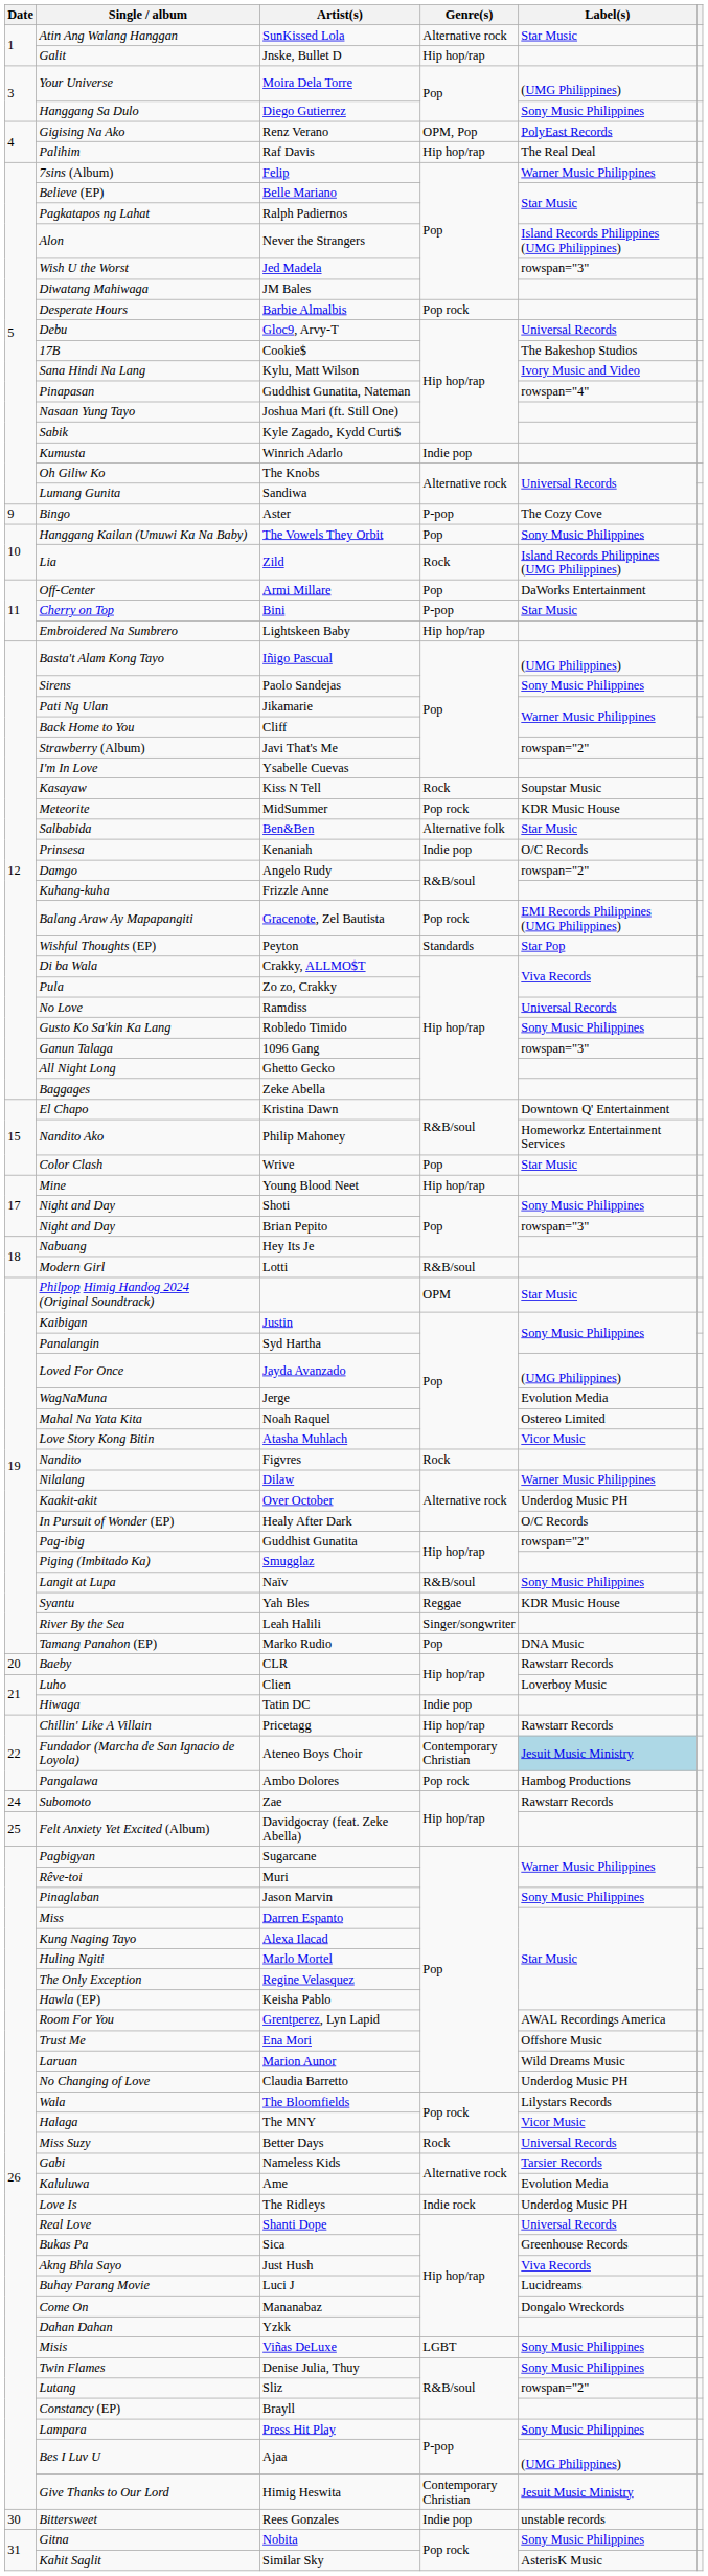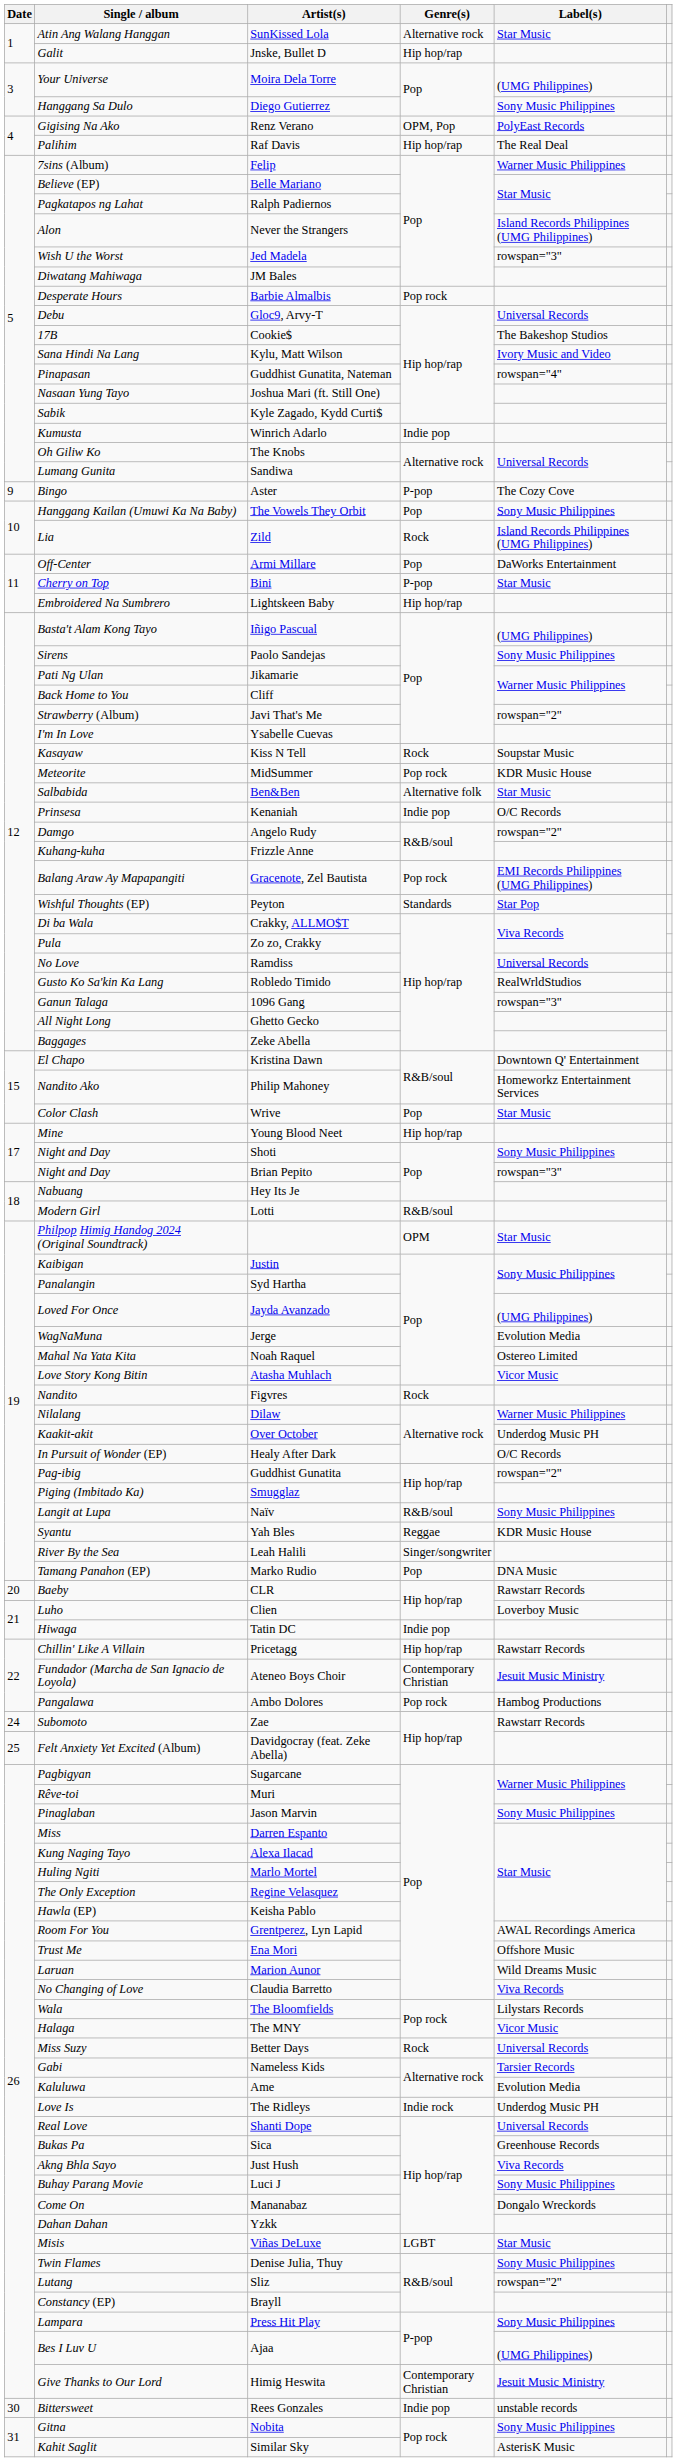 <table class="wikitable">
 <tr>
 <th>Date</th>
 <th>Single / album</th>
 <th>Artist(s)</th>
 <th>Genre(s)</th>
 <th>Label(s)</th>
 <th></th>
 </tr>
 <tr>
 <td rowspan="2">1</td>
 <td><em>Atin Ang Walang Hanggan</em></td>
 <td><a href='#'>SunKissed Lola</a></td>
 <td>Alternative rock</td>
 <td><a href='#'>Star Music</a></td>
 <td></td>
 </tr>
 <tr>
 <td><em>Galit</em></td>
 <td>Jnske, Bullet D</td>
 <td>Hip hop/rap</td>
 <td></td>
 <td></td>
 </tr>
 <tr>
 <td rowspan="2">3</td>
 <td><em>Your Universe</em></td>
 <td><a href='#'>Moira Dela Torre</a></td>
 <td rowspan="2">Pop</td>
 <td><br>(<a href='#'>UMG Philippines</a>)</td>
 <td></td>
 </tr>
 <tr>
 <td><em>Hanggang Sa Dulo</em></td>
 <td><a href='#'>Diego Gutierrez</a></td>
 <td><a href='#'>Sony Music Philippines</a></td>
 <td></td>
 </tr>
 <tr>
 <td rowspan="2">4</td>
 <td><em>Gigising Na Ako</em></td>
 <td>Renz Verano</td>
 <td>OPM, Pop</td>
 <td><a href='#'>PolyEast Records</a></td>
 <td></td>
 </tr>
 <tr>
 <td><em>Palihim</em></td>
 <td>Raf Davis</td>
 <td>Hip hop/rap</td>
 <td>The Real Deal</td>
 <td></td>
 </tr>
 <tr>
 <td rowspan="16">5</td>
 <td><em>7sins</em> (Album)</td>
 <td><a href='#'>Felip</a></td>
 <td rowspan="6">Pop</td>
 <td><a href='#'>Warner Music Philippines</a></td>
 <td></td>
 </tr>
 <tr>
 <td><em>Believe</em> (EP)</td>
 <td><a href='#'>Belle Mariano</a></td>
 <td rowspan="2"><a href='#'>Star Music</a></td>
 <td></td>
 </tr>
 <tr>
 <td><em>Pagkatapos ng Lahat</em></td>
 <td>Ralph Padiernos</td>
 <td></td>
 </tr>
 <tr>
 <td><em>Alon</em></td>
 <td>Never the Strangers</td>
 <td><a href='#'>Island Records Philippines</a><br>(<a href='#'>UMG Philippines</a>)</td>
 <td></td>
 </tr>
 <tr>
 <td><em>Wish U the Worst</em></td>
 <td><a href='#'>Jed Madela</a></td>
 <td>rowspan="3" </td>
 <td></td>
 </tr>
 <tr>
 <td><em>Diwatang Mahiwaga</em></td>
 <td>JM Bales</td>
 <td></td>
 </tr>
 <tr>
 <td><em>Desperate Hours</em></td>
 <td><a href='#'>Barbie Almalbis</a></td>
 <td>Pop rock</td>
 <td></td>
 </tr>
 <tr>
 <td><em>Debu</em></td>
 <td><a href='#'>Gloc9</a>, Arvy-T</td>
 <td rowspan="6">Hip hop/rap</td>
 <td><a href='#'>Universal Records</a></td>
 <td></td>
 </tr>
 <tr>
 <td><em>17B</em></td>
 <td>Cookie$</td>
 <td>The Bakeshop Studios</td>
 <td></td>
 </tr>
 <tr>
 <td><em>Sana Hindi Na Lang</em></td>
 <td>Kylu, Matt Wilson</td>
 <td><a href='#'>Ivory Music and Video</a></td>
 <td></td>
 </tr>
 <tr>
 <td><em>Pinapasan</em></td>
 <td>Guddhist Gunatita, Nateman</td>
 <td>rowspan="4" </td>
 <td></td>
 </tr>
 <tr>
 <td><em>Nasaan Yung Tayo</em></td>
 <td>Joshua Mari (ft. Still One)</td>
 <td></td>
 </tr>
 <tr>
 <td><em>Sabik</em></td>
 <td>Kyle Zagado, Kydd Curti$</td>
 <td></td>
 </tr>
 <tr>
 <td><em>Kumusta</em></td>
 <td>Winrich Adarlo</td>
 <td>Indie pop</td>
 <td></td>
 </tr>
 <tr>
 <td><em>Oh Giliw Ko</em></td>
 <td>The Knobs</td>
 <td rowspan="2">Alternative rock</td>
 <td rowspan="2"><a href='#'>Universal Records</a></td>
 <td></td>
 </tr>
 <tr>
 <td><em>Lumang Gunita</em></td>
 <td>Sandiwa</td>
 <td></td>
 </tr>
 <tr>
 <td>9</td>
 <td><em>Bingo</em></td>
 <td>Aster</td>
 <td>P-pop</td>
 <td>The Cozy Cove</td>
 <td></td>
 </tr>
 <tr>
 <td rowspan="2">10</td>
 <td><em>Hanggang Kailan (Umuwi Ka Na Baby)</em></td>
 <td><a href='#'>The Vowels They Orbit</a></td>
 <td>Pop</td>
 <td><a href='#'>Sony Music Philippines</a></td>
 <td></td>
 </tr>
 <tr>
 <td><em>Lia</em></td>
 <td><a href='#'>Zild</a></td>
 <td>Rock</td>
 <td><a href='#'>Island Records Philippines</a><br>(<a href='#'>UMG Philippines</a>)</td>
 <td></td>
 </tr>
 <tr>
 <td rowspan="3">11</td>
 <td><em>Off-Center</em></td>
 <td><a href='#'>Armi Millare</a></td>
 <td>Pop</td>
 <td>DaWorks Entertainment</td>
 <td></td>
 </tr>
 <tr>
 <td><em><a href='#'>Cherry on Top</a></em></td>
 <td><a href='#'>Bini</a></td>
 <td>P-pop</td>
 <td><a href='#'>Star Music</a></td>
 <td></td>
 </tr>
 <tr>
 <td><em>Embroidered Na Sumbrero</em></td>
 <td>Lightskeen Baby</td>
 <td>Hip hop/rap</td>
 <td></td>
 <td></td>
 </tr>
 <tr>
 <td rowspan="21">12</td>
 <td><em>Basta't Alam Kong Tayo</em></td>
 <td><a href='#'>Iñigo Pascual</a></td>
 <td rowspan="6">Pop</td>
 <td><br>(<a href='#'>UMG Philippines</a>)</td>
 <td></td>
 </tr>
 <tr>
 <td><em>Sirens</em></td>
 <td>Paolo Sandejas</td>
 <td><a href='#'>Sony Music Philippines</a></td>
 <td></td>
 </tr>
 <tr>
 <td><em>Pati Ng Ulan</em></td>
 <td>Jikamarie</td>
 <td rowspan="2"><a href='#'>Warner Music Philippines</a></td>
 <td></td>
 </tr>
 <tr>
 <td><em>Back Home to You</em></td>
 <td>Cliff</td>
 <td></td>
 </tr>
 <tr>
 <td><em>Strawberry</em> (Album)</td>
 <td>Javi That's Me</td>
 <td>rowspan="2" </td>
 <td></td>
 </tr>
 <tr>
 <td><em>I'm In Love</em></td>
 <td>Ysabelle Cuevas</td>
 <td></td>
 </tr>
 <tr>
 <td><em>Kasayaw</em></td>
 <td>Kiss N Tell</td>
 <td>Rock</td>
 <td>Soupstar Music</td>
 <td></td>
 </tr>
 <tr>
 <td><em>Meteorite</em></td>
 <td>MidSummer</td>
 <td>Pop rock</td>
 <td>KDR Music House</td>
 <td></td>
 </tr>
 <tr>
 <td><em>Salbabida</em></td>
 <td><a href='#'>Ben&Ben</a></td>
 <td>Alternative folk</td>
 <td><a href='#'>Star Music</a></td>
 <td></td>
 </tr>
 <tr>
 <td><em>Prinsesa</em></td>
 <td>Kenaniah</td>
 <td>Indie pop</td>
 <td>O/C Records</td>
 <td></td>
 </tr>
 <tr>
 <td><em>Damgo</em></td>
 <td>Angelo Rudy</td>
 <td rowspan="2">R&B/soul</td>
 <td>rowspan="2" </td>
 <td></td>
 </tr>
 <tr>
 <td><em>Kuhang-kuha</em></td>
 <td>Frizzle Anne</td>
 <td></td>
 </tr>
 <tr>
 <td><em>Balang Araw Ay Mapapangiti</em></td>
 <td><a href='#'>Gracenote</a>, Zel Bautista</td>
 <td>Pop rock</td>
 <td><a href='#'>EMI Records Philippines</a><br>(<a href='#'>UMG Philippines</a>)</td>
 <td></td>
 </tr>
 <tr>
 <td><em>Wishful Thoughts</em> (EP)</td>
 <td>Peyton</td>
 <td>Standards</td>
 <td><a href='#'>Star Pop</a></td>
 <td></td>
 </tr>
 <tr>
 <td><em>Di ba Wala</em></td>
 <td>Crakky, <a href='#'>ALLMO$T</a></td>
 <td rowspan="7">Hip hop/rap</td>
 <td rowspan="2"><a href='#'>Viva Records</a></td>
 <td></td>
 </tr>
 <tr>
 <td><em>Pula</em></td>
 <td>Zo zo, Crakky</td>
 <td></td>
 </tr>
 <tr>
 <td><em>No Love</em></td>
 <td>Ramdiss</td>
 <td><a href='#'>Universal Records</a></td>
 <td></td>
 </tr>
 <tr>
 <td><em>Gusto Ko Sa'kin Ka Lang</em></td>
 <td>Robledo Timido</td>
-<td><a href='#'>Sony Music Philippines</a></td>
+<td>RealWrldStudios</td>
 <td></td>
 </tr>
 <tr>
 <td><em>Ganun Talaga</em></td>
 <td>1096 Gang</td>
 <td>rowspan="3" </td>
 <td></td>
 </tr>
 <tr>
 <td><em>All Night Long</em></td>
 <td>Ghetto Gecko</td>
 <td></td>
 </tr>
 <tr>
 <td><em>Baggages</em></td>
 <td>Zeke Abella</td>
 <td></td>
 </tr>
 <tr>
 <td rowspan="3">15</td>
 <td><em>El Chapo</em></td>
 <td>Kristina Dawn</td>
 <td rowspan="2">R&B/soul</td>
 <td>Downtown Q' Entertainment</td>
 <td></td>
 </tr>
 <tr>
 <td><em>Nandito Ako</em></td>
 <td>Philip Mahoney</td>
 <td>Homeworkz Entertainment Services</td>
 <td></td>
 </tr>
 <tr>
 <td><em>Color Clash</em></td>
 <td>Wrive</td>
 <td>Pop</td>
 <td><a href='#'>Star Music</a></td>
 <td></td>
 </tr>
 <tr>
 <td rowspan="3">17</td>
 <td><em>Mine</em></td>
 <td>Young Blood Neet</td>
 <td>Hip hop/rap</td>
 <td></td>
 <td></td>
 </tr>
 <tr>
 <td><em>Night and Day</em></td>
 <td>Shoti</td>
 <td rowspan="3">Pop</td>
 <td><a href='#'>Sony Music Philippines</a></td>
 <td></td>
 </tr>
 <tr>
 <td><em>Night and Day</em></td>
 <td>Brian Pepito</td>
 <td>rowspan="3" </td>
 <td></td>
 </tr>
 <tr>
 <td rowspan="2">18</td>
 <td><em>Nabuang</em></td>
 <td>Hey Its Je</td>
 <td></td>
 </tr>
 <tr>
 <td><em>Modern Girl</em></td>
 <td>Lotti</td>
 <td>R&B/soul</td>
 <td></td>
 </tr>
 <tr>
 <td rowspan="17">19</td>
 <td><em><a href='#'>Philpop</a> <a href='#'>Himig Handog 2024</a><br>(Original Soundtrack)</em></td>
 <td></td>
 <td>OPM</td>
 <td><a href='#'>Star Music</a></td>
 <td></td>
 </tr>
 <tr>
 <td><em>Kaibigan</em></td>
 <td><a href='#'>Justin</a></td>
 <td rowspan="6">Pop</td>
 <td rowspan="2"><a href='#'>Sony Music Philippines</a></td>
 <td></td>
 </tr>
 <tr>
 <td><em>Panalangin</em></td>
 <td>Syd Hartha</td>
 <td></td>
 </tr>
 <tr>
 <td><em>Loved For Once</em></td>
 <td><a href='#'>Jayda Avanzado</a></td>
 <td><br>(<a href='#'>UMG Philippines</a>)</td>
 <td></td>
 </tr>
 <tr>
 <td><em>WagNaMuna</em></td>
 <td>Jerge</td>
 <td>Evolution Media</td>
 <td></td>
 </tr>
 <tr>
 <td><em>Mahal Na Yata Kita</em></td>
 <td>Noah Raquel</td>
 <td>Ostereo Limited</td>
 <td></td>
 </tr>
 <tr>
 <td><em>Love Story Kong Bitin</em></td>
 <td><a href='#'>Atasha Muhlach</a></td>
 <td><a href='#'>Vicor Music</a></td>
 <td></td>
 </tr>
 <tr>
 <td><em>Nandito</em></td>
 <td>Figvres</td>
 <td>Rock</td>
 <td></td>
 <td></td>
 </tr>
 <tr>
 <td><em>Nilalang</em></td>
 <td><a href='#'>Dilaw</a></td>
 <td rowspan="3">Alternative rock</td>
 <td><a href='#'>Warner Music Philippines</a></td>
 <td></td>
 </tr>
 <tr>
 <td><em>Kaakit-akit</em></td>
 <td><a href='#'>Over October</a></td>
 <td>Underdog Music PH</td>
 <td></td>
 </tr>
 <tr>
 <td><em>In Pursuit of Wonder</em> (EP)</td>
 <td>Healy After Dark</td>
 <td>O/C Records</td>
 <td></td>
 </tr>
 <tr>
 <td><em>Pag-ibig</em></td>
 <td>Guddhist Gunatita</td>
 <td rowspan="2">Hip hop/rap</td>
 <td>rowspan="2" </td>
 <td></td>
 </tr>
 <tr>
 <td><em>Piging (Imbitado Ka)</em></td>
 <td><a href='#'>Smugglaz</a></td>
 <td></td>
 </tr>
 <tr>
 <td><em>Langit at Lupa</em></td>
 <td>Naïv</td>
 <td>R&B/soul</td>
 <td><a href='#'>Sony Music Philippines</a></td>
 <td></td>
 </tr>
 <tr>
 <td><em>Syantu</em></td>
 <td>Yah Bles</td>
 <td>Reggae</td>
 <td>KDR Music House</td>
 <td></td>
 </tr>
 <tr>
 <td><em>River By the Sea</em></td>
 <td>Leah Halili</td>
 <td>Singer/songwriter</td>
 <td></td>
 <td></td>
 </tr>
 <tr>
 <td><em>Tamang Panahon</em> (EP)</td>
 <td>Marko Rudio</td>
 <td>Pop</td>
 <td>DNA Music</td>
 <td></td>
 </tr>
 <tr>
 <td>20</td>
 <td><em>Baeby</em></td>
 <td>CLR</td>
 <td rowspan="2">Hip hop/rap</td>
 <td>Rawstarr Records</td>
 <td></td>
 </tr>
 <tr>
 <td rowspan="2">21</td>
 <td><em>Luho</em></td>
 <td>Clien</td>
 <td>Loverboy Music</td>
 <td></td>
 </tr>
 <tr>
 <td><em>Hiwaga</em></td>
 <td>Tatin DC</td>
 <td>Indie pop</td>
 <td></td>
 <td></td>
 </tr>
 <tr>
 <td rowspan="3">22</td>
 <td><em>Chillin' Like A Villain</em></td>
 <td>Pricetagg</td>
 <td>Hip hop/rap</td>
 <td>Rawstarr Records</td>
 <td></td>
 </tr>
 <tr>
 <td><em>Fundador (Marcha de San Ignacio de Loyola)</em></td>
 <td>Ateneo Boys Choir</td>
 <td>Contemporary<br>Christian</td>
-<td style="background: lightblue;"><a href='#'>Jesuit Music Ministry</a></td>
+<td><a href='#'>Jesuit Music Ministry</a></td>
 <td></td>
 </tr>
 <tr>
 <td><em>Pangalawa</em></td>
 <td>Ambo Dolores</td>
 <td>Pop rock</td>
 <td>Hambog Productions</td>
 <td></td>
 </tr>
 <tr>
 <td>24</td>
 <td><em>Subomoto</em></td>
 <td>Zae</td>
 <td rowspan="2">Hip hop/rap</td>
 <td>Rawstarr Records</td>
 <td></td>
 </tr>
 <tr>
 <td>25</td>
 <td><em>Felt Anxiety Yet Excited</em> (Album)</td>
 <td>Davidgocray (feat. Zeke Abella)</td>
 <td></td>
 <td></td>
 </tr>
 <tr>
 <td rowspan="31">26</td>
 <td><em>Pagbigyan</em></td>
 <td>Sugarcane</td>
 <td rowspan="12">Pop</td>
 <td rowspan="2"><a href='#'>Warner Music Philippines</a></td>
 <td></td>
 </tr>
 <tr>
 <td><em>Rêve-toi</em></td>
 <td>Muri</td>
 </tr>
 <tr>
 <td><em>Pinaglaban</em></td>
 <td>Jason Marvin</td>
 <td><a href='#'>Sony Music Philippines</a></td>
 <td></td>
 </tr>
 <tr>
 <td><em>Miss</em></td>
 <td><a href='#'>Darren Espanto</a></td>
 <td rowspan="5"><a href='#'>Star Music</a></td>
 <td></td>
 </tr>
 <tr>
 <td><em>Kung Naging Tayo</em></td>
 <td><a href='#'>Alexa Ilacad</a></td>
 <td></td>
 </tr>
 <tr>
 <td><em>Huling Ngiti</em></td>
 <td><a href='#'>Marlo Mortel</a></td>
 <td></td>
 </tr>
 <tr>
 <td><em>The Only Exception</em></td>
 <td><a href='#'>Regine Velasquez</a></td>
 <td></td>
 </tr>
 <tr>
 <td><em>Hawla</em> (EP)</td>
 <td>Keisha Pablo</td>
 <td></td>
 </tr>
 <tr>
 <td><em>Room For You</em></td>
 <td><a href='#'>Grentperez</a>, Lyn Lapid</td>
 <td>AWAL Recordings America</td>
 <td></td>
 </tr>
 <tr>
 <td><em>Trust Me</em></td>
 <td><a href='#'>Ena Mori</a></td>
 <td>Offshore Music</td>
 <td></td>
 </tr>
 <tr>
 <td><em>Laruan</em></td>
 <td><a href='#'>Marion Aunor</a></td>
 <td>Wild Dreams Music</td>
 <td></td>
 </tr>
 <tr>
 <td><em>No Changing of Love</em></td>
 <td>Claudia Barretto</td>
-<td>Underdog Music PH</td>
+<td><a href='#'>Viva Records</a></td>
 <td></td>
 </tr>
 <tr>
 <td><em>Wala</em></td>
 <td><a href='#'>The Bloomfields</a></td>
 <td rowspan="2">Pop rock</td>
 <td>Lilystars Records</td>
 <td></td>
 </tr>
 <tr>
 <td><em>Halaga</em></td>
 <td>The MNY</td>
 <td><a href='#'>Vicor Music</a></td>
 <td></td>
 </tr>
 <tr>
 <td><em>Miss Suzy</em></td>
 <td>Better Days</td>
 <td>Rock</td>
 <td><a href='#'>Universal Records</a></td>
 <td></td>
 </tr>
 <tr>
 <td><em>Gabi</em></td>
 <td>Nameless Kids</td>
 <td rowspan="2">Alternative rock</td>
 <td><a href='#'>Tarsier Records</a></td>
 <td></td>
 </tr>
 <tr>
 <td><em>Kaluluwa</em></td>
 <td>Ame</td>
 <td>Evolution Media</td>
 <td></td>
 </tr>
 <tr>
 <td><em>Love Is</em></td>
 <td>The Ridleys</td>
 <td>Indie rock</td>
 <td>Underdog Music PH</td>
 <td></td>
 </tr>
 <tr>
 <td><em>Real Love</em></td>
 <td><a href='#'>Shanti Dope</a></td>
 <td rowspan="6">Hip hop/rap</td>
 <td><a href='#'>Universal Records</a></td>
 <td></td>
 </tr>
 <tr>
 <td><em>Bukas Pa</em></td>
 <td>Sica</td>
 <td>Greenhouse Records</td>
 <td></td>
 </tr>
 <tr>
 <td><em>Akng Bhla Sayo</em></td>
 <td>Just Hush</td>
 <td><a href='#'>Viva Records</a></td>
 <td></td>
 </tr>
 <tr>
 <td><em>Buhay Parang Movie</em></td>
 <td>Luci J</td>
-<td>Lucidreams</td>
+<td><a href='#'>Sony Music Philippines</a></td>
 <td></td>
 </tr>
 <tr>
 <td><em>Come On</em></td>
 <td>Mananabaz</td>
 <td>Dongalo Wreckords</td>
 <td></td>
 </tr>
 <tr>
 <td><em>Dahan Dahan</em></td>
 <td>Yzkk</td>
 <td></td>
 <td></td>
 </tr>
 <tr>
 <td><em>Misis</em></td>
 <td><a href='#'>Viñas DeLuxe</a></td>
 <td>LGBT</td>
-<td><a href='#'>Sony Music Philippines</a></td>
+<td><a href='#'>Star Music</a></td>
 <td></td>
 </tr>
 <tr>
 <td><em>Twin Flames</em></td>
 <td>Denise Julia, Thuy</td>
 <td rowspan="3">R&B/soul</td>
 <td><a href='#'>Sony Music Philippines</a></td>
 <td></td>
 </tr>
 <tr>
 <td><em>Lutang</em></td>
 <td>Sliz</td>
 <td>rowspan="2" </td>
 <td></td>
 </tr>
 <tr>
 <td><em>Constancy</em> (EP)</td>
 <td>Brayll</td>
 <td></td>
 </tr>
 <tr>
 <td><em>Lampara</em></td>
 <td><a href='#'>Press Hit Play</a></td>
 <td rowspan="2">P-pop</td>
 <td><a href='#'>Sony Music Philippines</a></td>
 <td></td>
 </tr>
 <tr>
 <td><em>Bes I Luv U</em></td>
 <td>Ajaa</td>
 <td><br>(<a href='#'>UMG Philippines</a>)</td>
 <td></td>
 </tr>
 <tr>
 <td><em>Give Thanks to Our Lord</em></td>
 <td>Himig Heswita</td>
 <td>Contemporary<br>Christian</td>
 <td><a href='#'>Jesuit Music Ministry</a></td>
 <td></td>
 </tr>
 <tr>
 <td>30</td>
 <td><em>Bittersweet</em></td>
 <td>Rees Gonzales</td>
 <td>Indie pop</td>
 <td>unstable records</td>
 <td></td>
 </tr>
 <tr>
 <td rowspan="2">31</td>
 <td><em>Gitna</em></td>
 <td><a href='#'>Nobita</a></td>
 <td rowspan="2">Pop rock</td>
 <td><a href='#'>Sony Music Philippines</a></td>
 <td></td>
 </tr>
 <tr>
 <td><em>Kahit Saglit</em></td>
 <td>Similar Sky</td>
 <td>AsterisK Music</td>
 <td></td>
 </tr>
 </table>
